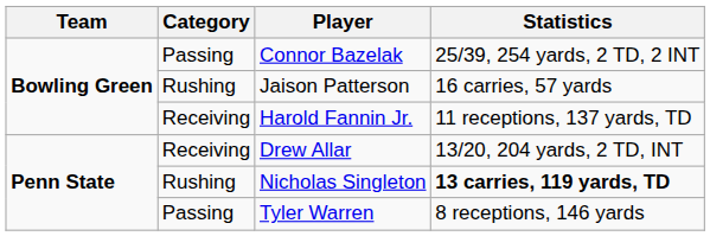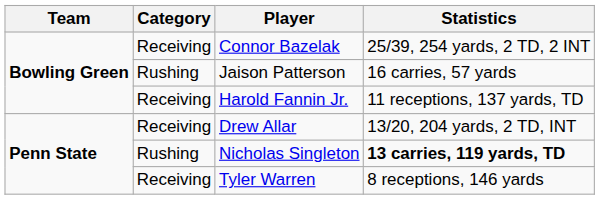 <table class="wikitable" style="float: right;">
 <tr>
 <th>Team</th>
 <th>Category</th>
 <th>Player</th>
 <th>Statistics</th>
 </tr>
 <tr>
 <td rowspan=3><strong>Bowling Green</strong></td>
-<td>Passing</td>
+<td>Receiving</td>
 <td><a href='#'>Connor Bazelak</a></td>
 <td>25/39, 254 yards, 2 TD, 2 INT</td>
 </tr>
 <tr>
 <td>Rushing</td>
 <td>Jaison Patterson</td>
 <td>16 carries, 57 yards</td>
 </tr>
 <tr>
 <td>Receiving</td>
 <td><a href='#'>Harold Fannin Jr.</a></td>
 <td>11 receptions, 137 yards, TD</td>
 </tr>
 <tr>
 <td rowspan=3><strong>Penn State</strong></td>
 <td>Receiving</td>
 <td><a href='#'>Drew Allar</a></td>
 <td>13/20, 204 yards, 2 TD, INT</td>
 </tr>
 <tr>
 <td>Rushing</td>
 <td><a href='#'>Nicholas Singleton</a></td>
 <td><strong>13 carries, 119 yards, TD</strong></td>
 </tr>
 <tr>
-<td>Passing</td>
+<td>Receiving</td>
 <td><a href='#'>Tyler Warren</a></td>
 <td>8 receptions, 146 yards</td>
 </tr>
 </table>
